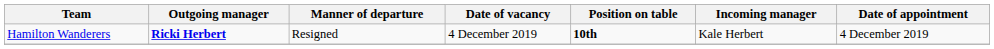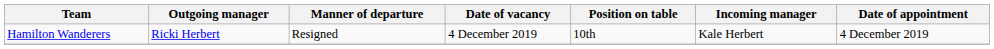 <table class="wikitable sortable" style="width:100%;">
 <tr>
 <th>Team</th>
 <th>Outgoing manager</th>
 <th>Manner of departure</th>
 <th>Date of vacancy</th>
 <th>Position on table</th>
 <th>Incoming manager</th>
 <th>Date of appointment</th>
 </tr>
 <tr>
 <td><a href='#'>Hamilton Wanderers</a></td>
-<td><strong> <a href='#'>Ricki Herbert</a></strong></td>
+<td> <a href='#'>Ricki Herbert</a></td>
 <td>Resigned</td>
 <td>4 December 2019</td>
-<td><strong>10th</strong></td>
+<td>10th</td>
 <td> Kale Herbert</td>
 <td>4 December 2019</td>
 </tr>
 <tr>
 </tr>
 </table>
